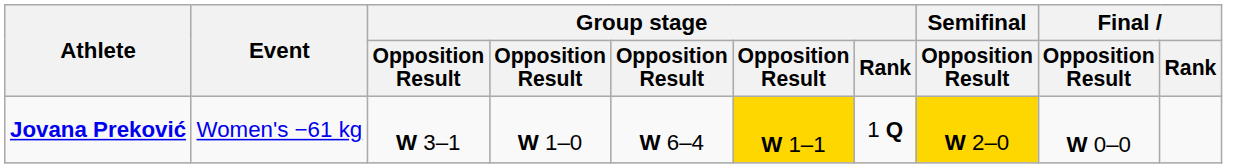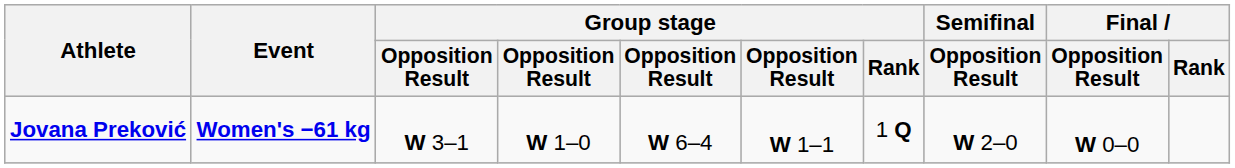 <table class="wikitable" style="font-size:90%">
 <tr>
 <th rowspan=2>Athlete</th>
 <th rowspan=2>Event</th>
 <th colspan=5>Group stage</th>
 <th>Semifinal</th>
 <th colspan=2>Final / </th>
 </tr>
 <tr style="font-size:95%">
 <th>Opposition<br>Result</th>
 <th>Opposition<br>Result</th>
 <th>Opposition<br>Result</th>
 <th>Opposition<br>Result</th>
 <th>Rank</th>
 <th>Opposition<br>Result</th>
 <th>Opposition<br>Result</th>
 <th>Rank</th>
 </tr>
 <tr align=center>
 <td align=left><strong><a href='#'>Jovana Preković</a></strong></td>
-<td align=left><a href='#'>Women's −61 kg</a></td>
+<td align=left><strong><a href='#'>Women's −61 kg</a></strong></td>
 <td> <br> <strong>W</strong> 3–1</td>
 <td> <br> <strong>W</strong> 1–0</td>
 <td> <br> <strong>W</strong> 6–4</td>
-<td style="background: gold;"> <br> <strong>W</strong> 1–1 <sup></sup></td>
+<td> <br> <strong>W</strong> 1–1 <sup></sup></td>
 <td>1 <strong>Q</strong></td>
-<td style="background: gold;"> <br> <strong>W</strong> 2–0</td>
+<td> <br> <strong>W</strong> 2–0</td>
 <td> <br> <strong>W</strong> 0–0  <sup></sup></td>
 <td></td>
 </tr>
 </table>
